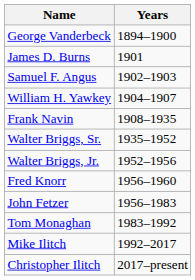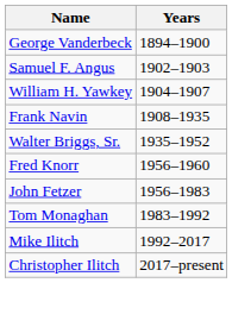 <table class="wikitable">
 <tr>
 <th>Name</th>
 <th>Years</th>
 </tr>
 <tr>
 <td><a href='#'>George Vanderbeck</a></td>
 <td>1894–1900</td>
-</tr>
-<tr>
-<td><a href='#'>James D. Burns</a></td>
-<td>1901</td>
 </tr>
 <tr>
 <td><a href='#'>Samuel F. Angus</a></td>
 <td>1902–1903</td>
 </tr>
 <tr>
 <td><a href='#'>William H. Yawkey</a></td>
 <td>1904–1907</td>
 </tr>
 <tr>
 <td><a href='#'>Frank Navin</a></td>
 <td>1908–1935</td>
 </tr>
 <tr>
 <td><a href='#'>Walter Briggs, Sr.</a></td>
 <td>1935–1952</td>
-</tr>
-<tr>
-<td><a href='#'>Walter Briggs, Jr.</a></td>
-<td>1952–1956</td>
 </tr>
 <tr>
 <td><a href='#'>Fred Knorr</a></td>
 <td>1956–1960</td>
 </tr>
 <tr>
 <td><a href='#'>John Fetzer</a></td>
 <td>1956–1983</td>
 </tr>
 <tr>
 <td><a href='#'>Tom Monaghan</a></td>
 <td>1983–1992</td>
 </tr>
 <tr>
 <td><a href='#'>Mike Ilitch</a></td>
 <td>1992–2017</td>
 </tr>
 <tr>
 <td><a href='#'>Christopher Ilitch</a></td>
 <td>2017–present</td>
 </tr>
 </table>
